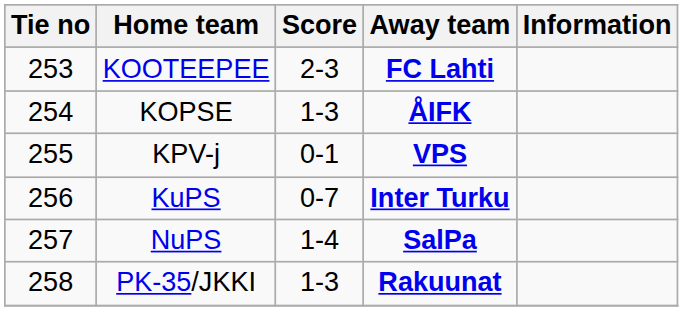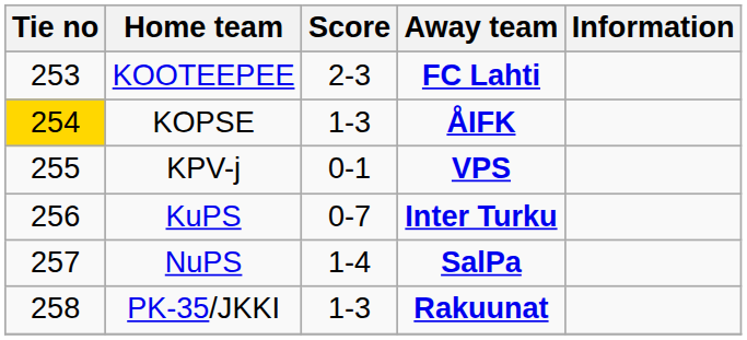 <table class="wikitable" style="text-align:center">
 <tr>
 <th style= width="40px">Tie no</th>
 <th style= width="150px">Home team</th>
 <th style= width="60px">Score</th>
 <th style= width="150px">Away team</th>
 <th style= width="30px">Information</th>
 </tr>
 <tr>
 <td>253</td>
 <td><a href='#'>KOOTEEPEE</a></td>
 <td>2-3</td>
 <td><strong><a href='#'>FC Lahti</a></strong></td>
 <td></td>
 </tr>
 <tr>
-<td>254</td>
+<td style="background: gold;">254</td>
 <td>KOPSE</td>
 <td>1-3</td>
 <td><strong><a href='#'>ÅIFK</a></strong></td>
 <td></td>
 </tr>
 <tr>
 <td>255</td>
 <td>KPV-j</td>
 <td>0-1</td>
 <td><strong><a href='#'>VPS</a></strong></td>
 <td></td>
 </tr>
 <tr>
 <td>256</td>
 <td><a href='#'>KuPS</a></td>
 <td>0-7</td>
 <td><strong><a href='#'>Inter Turku</a></strong></td>
 <td></td>
 </tr>
 <tr>
 <td>257</td>
 <td><a href='#'>NuPS</a></td>
 <td>1-4</td>
 <td><strong><a href='#'>SalPa</a></strong></td>
 <td></td>
 </tr>
 <tr>
 <td>258</td>
 <td><a href='#'>PK-35</a>/JKKI</td>
 <td>1-3</td>
 <td><strong><a href='#'>Rakuunat</a></strong></td>
 <td></td>
 </tr>
 <tr>
 </tr>
 </table>
